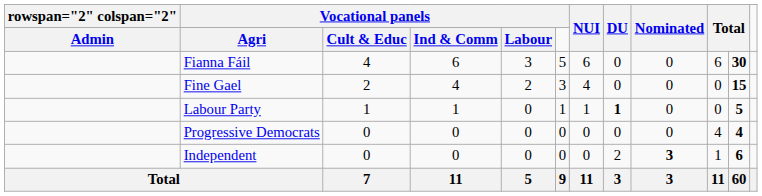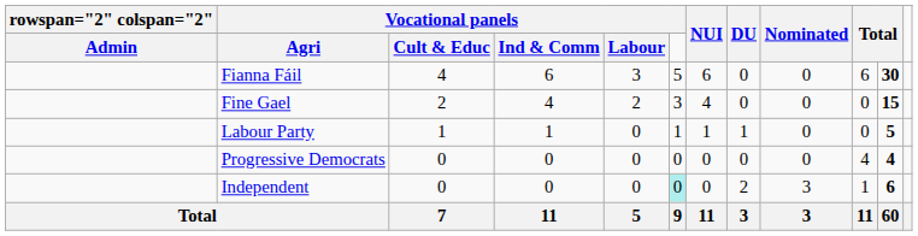 <table class="wikitable">
 <tr>
 <th>rowspan="2" colspan="2" </th>
 <th scope="col" colspan="5"><a href='#'>Vocational panels</a></th>
 <th rowspan="2"><a href='#'>NUI</a></th>
 <th rowspan="2"><a href='#'>DU</a></th>
 <th rowspan="2"><a href='#'>Nominated</a></th>
 <th rowspan="2" colspan="2">Total</th>
 </tr>
 <tr>
 <th scope="col"><a href='#'>Admin</a></th>
 <th scope="col"><a href='#'>Agri</a></th>
 <th scope="col"><a href='#'>Cult & Educ</a></th>
 <th scope="col"><a href='#'>Ind & Comm</a></th>
 <th scope="col"><a href='#'>Labour</a></th>
 </tr>
 <tr style="text-align:center">
 <td style="background-color: "></td>
 <td align="left"><a href='#'>Fianna Fáil</a></td>
 <td>4</td>
 <td>6</td>
 <td>3</td>
 <td>5</td>
 <td>6</td>
 <td>0</td>
 <td>0</td>
 <td>6</td>
 <td><strong>30</strong></td>
 <td style="background-color: "></td>
 </tr>
 <tr style="text-align:center">
 <td style="background-color: "></td>
 <td align="left"><a href='#'>Fine Gael</a></td>
 <td>2</td>
 <td>4</td>
 <td>2</td>
 <td>3</td>
 <td>4</td>
 <td>0</td>
 <td>0</td>
 <td>0</td>
 <td><strong>15</strong></td>
 <td style="background-color: "></td>
 </tr>
 <tr style="text-align:center">
 <td style="background-color: "></td>
 <td align="left"><a href='#'>Labour Party</a></td>
 <td>1</td>
 <td>1</td>
 <td>0</td>
 <td>1</td>
 <td>1</td>
-<td><strong>1</strong></td>
+<td>1</td>
 <td>0</td>
 <td>0</td>
 <td><strong>5</strong></td>
 <td style="background-color: "></td>
 </tr>
 <tr style="text-align:center">
 <td style="background-color: "></td>
 <td align="left"><a href='#'>Progressive Democrats</a></td>
 <td>0</td>
 <td>0</td>
 <td>0</td>
 <td>0</td>
 <td>0</td>
 <td>0</td>
 <td>0</td>
 <td>4</td>
 <td><strong>4</strong></td>
 <td style="background-color: "></td>
 </tr>
 <tr style="text-align:center">
 <td style="background-color: "></td>
 <td align="left"><a href='#'>Independent</a></td>
 <td>0</td>
 <td>0</td>
 <td>0</td>
-<td>0</td>
+<td style="background: paleturquoise;">0</td>
 <td>0</td>
 <td>2</td>
-<td><strong>3</strong></td>
+<td>3</td>
 <td>1</td>
 <td><strong>6</strong></td>
 <td style="background-color: "></td>
 </tr>
 <tr style="text-align:center">
 <th colspan="2">Total</th>
 <th>7</th>
 <th>11</th>
 <th>5</th>
 <th>9</th>
 <th>11</th>
 <th>3</th>
 <th>3</th>
 <th>11</th>
 <th>60</th>
 <th></th>
 </tr>
 </table>
